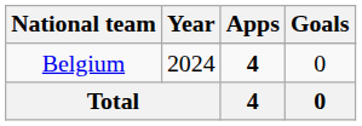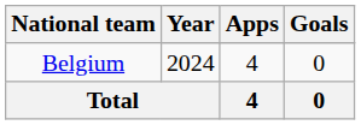 <table class=wikitable style=text-align:center>
 <tr>
 <th>National team</th>
 <th>Year</th>
 <th>Apps</th>
 <th>Goals</th>
 </tr>
 <tr>
 <td rowspan="2"><a href='#'>Belgium</a></td>
 </tr>
 <tr>
 <td>2024</td>
-<td><strong>4</strong></td>
+<td>4</td>
 <td>0</td>
 </tr>
 <tr>
 <th colspan="2">Total</th>
 <th>4</th>
 <th>0</th>
 </tr>
 </table>
